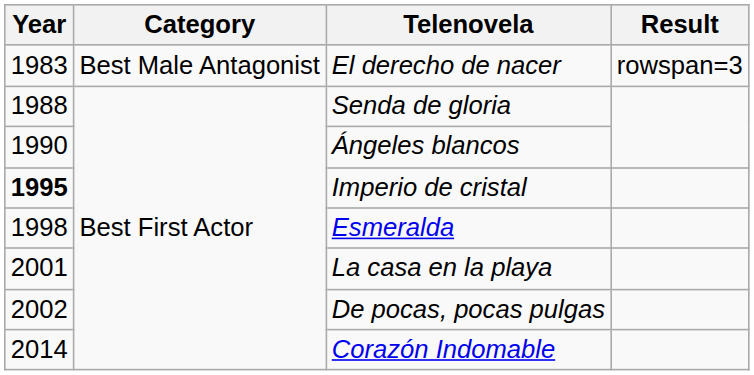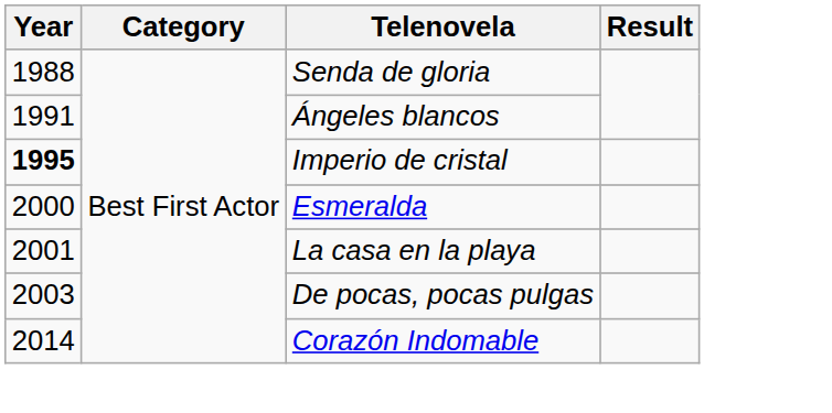 <table class="wikitable">
 <tr>
 <th><strong>Year</strong></th>
 <th><strong>Category</strong></th>
 <th><strong>Telenovela</strong></th>
 <th><strong>Result</strong></th>
 </tr>
 <tr>
-<td>1983</td>
-<td>Best Male Antagonist</td>
-<td><em>El derecho de nacer</em></td>
-<td>rowspan=3 </td>
-</tr>
-<tr>
 <td>1988</td>
 <td rowspan=7>Best First Actor</td>
 <td><em>Senda de gloria</em></td>
 </tr>
 <tr>
-<td>1990</td>
+<td>1991</td>
 <td><em>Ángeles blancos</em></td>
 </tr>
 <tr>
 <td><strong>1995</strong></td>
 <td><em>Imperio de cristal</em></td>
 <td></td>
 </tr>
 <tr>
-<td>1998</td>
+<td>2000</td>
 <td><em><a href='#'>Esmeralda</a></em></td>
 <td></td>
 </tr>
 <tr>
 <td>2001</td>
 <td><em>La casa en la playa</em></td>
 <td></td>
 </tr>
 <tr>
-<td>2002</td>
+<td>2003</td>
 <td><em>De pocas, pocas pulgas</em></td>
 <td></td>
 </tr>
 <tr>
 <td>2014</td>
 <td><em><a href='#'>Corazón Indomable</a></em></td>
 <td></td>
 </tr>
 </table>
